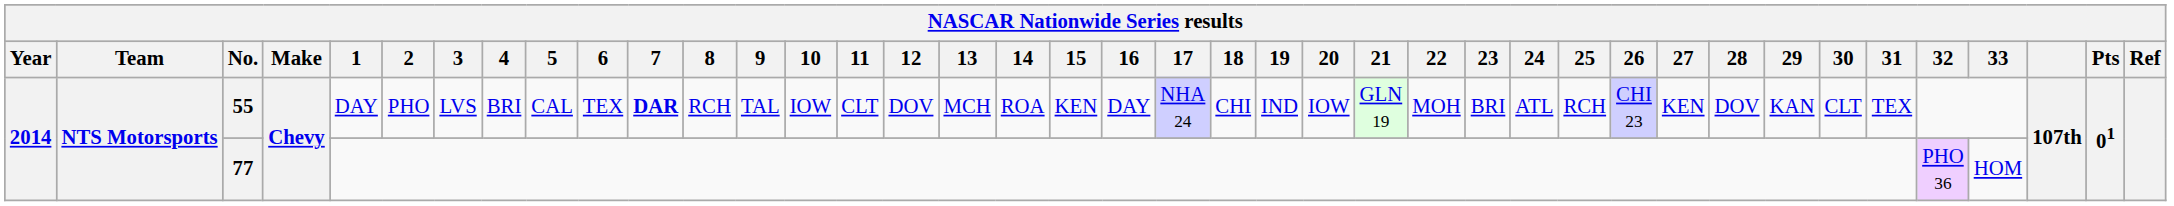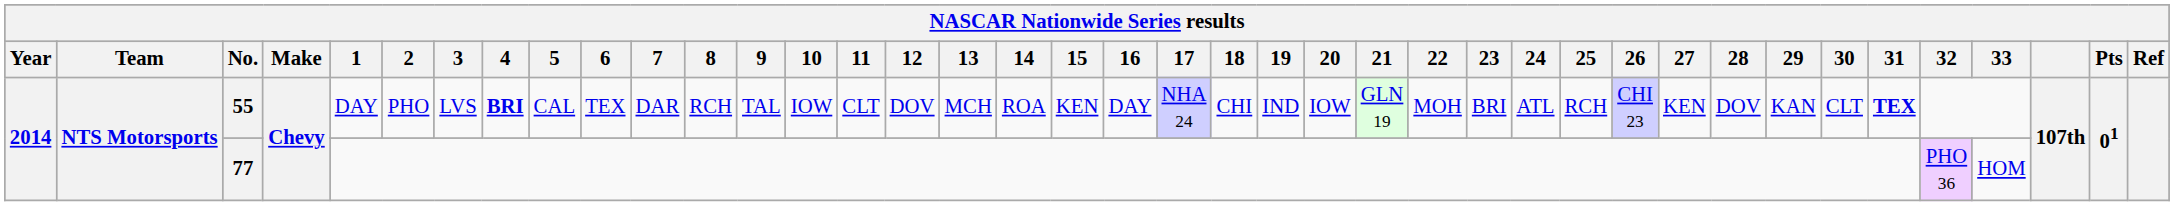 <table class="wikitable" style="text-align:center; font-size:75%">
 <tr>
 <th colspan=42><a href='#'>NASCAR Nationwide Series</a> results</th>
 </tr>
 <tr>
 <th>Year</th>
 <th>Team</th>
 <th>No.</th>
 <th>Make</th>
 <th>1</th>
 <th>2</th>
 <th>3</th>
 <th>4</th>
 <th>5</th>
 <th>6</th>
 <th>7</th>
 <th>8</th>
 <th>9</th>
 <th>10</th>
 <th>11</th>
 <th>12</th>
 <th>13</th>
 <th>14</th>
 <th>15</th>
 <th>16</th>
 <th>17</th>
 <th>18</th>
 <th>19</th>
 <th>20</th>
 <th>21</th>
 <th>22</th>
 <th>23</th>
 <th>24</th>
 <th>25</th>
 <th>26</th>
 <th>27</th>
 <th>28</th>
 <th>29</th>
 <th>30</th>
 <th>31</th>
 <th>32</th>
 <th>33</th>
 <th></th>
 <th>Pts</th>
 <th>Ref</th>
 </tr>
 <tr>
 <th rowspan=2><a href='#'>2014</a></th>
 <th rowspan=2><a href='#'>NTS Motorsports</a></th>
 <th>55</th>
 <th rowspan=2><a href='#'>Chevy</a></th>
 <td><a href='#'>DAY</a></td>
 <td><a href='#'>PHO</a></td>
 <td><a href='#'>LVS</a></td>
-<td><a href='#'>BRI</a></td>
+<td><strong><a href='#'>BRI</a></strong></td>
 <td><a href='#'>CAL</a></td>
 <td><a href='#'>TEX</a></td>
-<td><strong><a href='#'>DAR</a></strong></td>
+<td><a href='#'>DAR</a></td>
 <td><a href='#'>RCH</a></td>
 <td><a href='#'>TAL</a></td>
 <td><a href='#'>IOW</a></td>
 <td><a href='#'>CLT</a></td>
 <td><a href='#'>DOV</a></td>
 <td><a href='#'>MCH</a></td>
 <td><a href='#'>ROA</a></td>
 <td><a href='#'>KEN</a></td>
 <td><a href='#'>DAY</a></td>
 <td style="background:#CFCFFF;"><a href='#'>NHA</a><br><small>24</small></td>
 <td><a href='#'>CHI</a></td>
 <td><a href='#'>IND</a></td>
 <td><a href='#'>IOW</a></td>
 <td style="background:#DFFFDF;"><a href='#'>GLN</a><br><small>19</small></td>
 <td><a href='#'>MOH</a></td>
 <td><a href='#'>BRI</a></td>
 <td><a href='#'>ATL</a></td>
 <td><a href='#'>RCH</a></td>
 <td style="background:#CFCFFF;"><a href='#'>CHI</a><br><small>23</small></td>
 <td><a href='#'>KEN</a></td>
 <td><a href='#'>DOV</a></td>
 <td><a href='#'>KAN</a></td>
 <td><a href='#'>CLT</a></td>
-<td><a href='#'>TEX</a></td>
+<td><strong><a href='#'>TEX</a></strong></td>
 <td colspan=2></td>
 <th rowspan=2>107th</th>
 <th rowspan=2>0<sup>1</sup></th>
 <th rowspan=2></th>
 </tr>
 <tr>
 <th>77</th>
 <td colspan=31></td>
 <td style="background:#EFCFFF;"><a href='#'>PHO</a><br><small>36</small></td>
 <td><a href='#'>HOM</a></td>
 </tr>
 </table>
